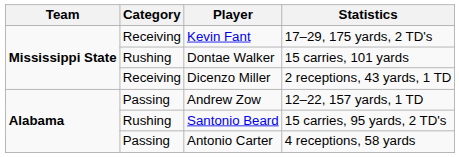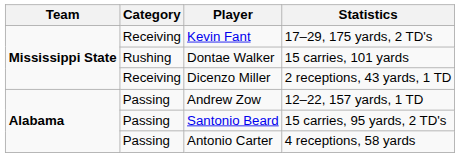 <table class="wikitable" style="float: right;">
 <tr>
 <th>Team</th>
 <th>Category</th>
 <th>Player</th>
 <th>Statistics</th>
 </tr>
 <tr>
 <td rowspan=3><strong>Mississippi State</strong></td>
 <td>Receiving</td>
 <td><a href='#'>Kevin Fant</a></td>
 <td>17–29, 175 yards, 2 TD's</td>
 </tr>
 <tr>
 <td>Rushing</td>
 <td>Dontae Walker</td>
 <td>15 carries, 101 yards</td>
 </tr>
 <tr>
 <td>Receiving</td>
 <td>Dicenzo Miller</td>
 <td>2 receptions, 43 yards, 1 TD</td>
 </tr>
 <tr>
 <td rowspan=3><strong>Alabama</strong></td>
 <td>Passing</td>
 <td>Andrew Zow</td>
 <td>12–22, 157 yards, 1 TD</td>
 </tr>
 <tr>
-<td>Rushing</td>
+<td>Passing</td>
 <td><a href='#'>Santonio Beard</a></td>
 <td>15 carries, 95 yards, 2 TD's</td>
 </tr>
 <tr>
 <td>Passing</td>
 <td>Antonio Carter</td>
 <td>4 receptions, 58 yards</td>
 </tr>
 </table>
